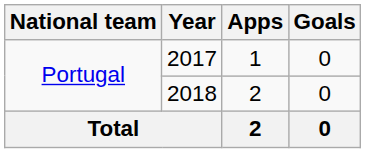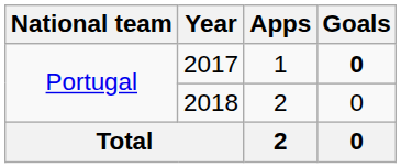 <table class="wikitable" style="text-align:center">
 <tr>
 <th>National team</th>
 <th>Year</th>
 <th>Apps</th>
 <th>Goals</th>
 </tr>
 <tr>
 <td rowspan="2"><a href='#'>Portugal</a></td>
 <td>2017</td>
 <td>1</td>
-<td>0</td>
+<td><strong>0</strong></td>
 </tr>
 <tr>
 <td>2018</td>
 <td>2</td>
 <td>0</td>
 </tr>
 <tr>
 <th colspan="2">Total</th>
 <th>2</th>
 <th>0</th>
 </tr>
 </table>
